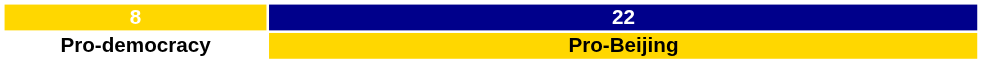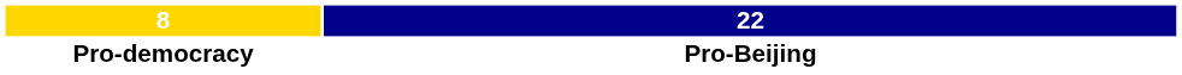 <table style="width:60%; text-align:center;">
 <tr style="color:white;">
 <td style="background:gold; width:27%;"><strong>8</strong></td>
 <td style="background:darkblue; width:73%;"><strong>22</strong></td>
 </tr>
 <tr>
 <td><span><strong>Pro-democracy</strong></span></td>
-<td style="background: gold;"><span><strong>Pro-Beijing</strong></span></td>
+<td><span><strong>Pro-Beijing</strong></span></td>
 </tr>
 </table>
